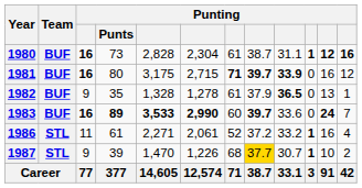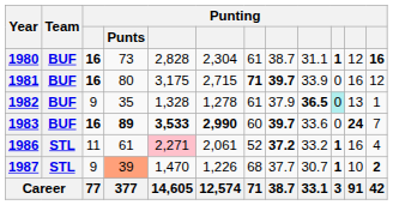 <table class=wikitable style="text-align:center;">
 <tr>
 <th rowspan="2">Year</th>
 <th rowspan="2">Team</th>
 <th colspan="10">Punting</th>
 </tr>
 <tr>
 <th></th>
 <th>Punts</th>
 <th></th>
 <th></th>
 <th></th>
 <th></th>
 <th></th>
 <th></th>
 <th></th>
 <th></th>
 </tr>
 <tr>
 <th><a href='#'>1980</a></th>
 <th><a href='#'>BUF</a></th>
 <td><strong>16</strong></td>
 <td>73</td>
 <td>2,828</td>
 <td>2,304</td>
 <td>61</td>
 <td>38.7</td>
 <td>31.1</td>
 <td><strong>1</strong></td>
-<td><strong>12</strong></td>
+<td>12</td>
 <td><strong>16</strong></td>
 </tr>
 <tr>
 <th><a href='#'>1981</a></th>
 <th><a href='#'>BUF</a></th>
 <td><strong>16</strong></td>
 <td>80</td>
 <td>3,175</td>
 <td>2,715</td>
 <td><strong>71</strong></td>
 <td><strong>39.7</strong></td>
-<td><strong>33.9</strong></td>
+<td>33.9</td>
 <td>0</td>
 <td>16</td>
 <td>12</td>
 </tr>
 <tr>
 <th><a href='#'>1982</a></th>
 <th><a href='#'>BUF</a></th>
 <td>9</td>
 <td>35</td>
 <td>1,328</td>
 <td>1,278</td>
 <td>61</td>
 <td>37.9</td>
 <td><strong>36.5</strong></td>
-<td>0</td>
+<td style="background: paleturquoise;">0</td>
 <td>13</td>
 <td>1</td>
 </tr>
 <tr>
 <th><a href='#'>1983</a></th>
 <th><a href='#'>BUF</a></th>
 <td><strong>16</strong></td>
 <td><strong>89</strong></td>
 <td><strong>3,533</strong></td>
 <td><strong>2,990</strong></td>
 <td>60</td>
 <td><strong>39.7</strong></td>
 <td>33.6</td>
 <td>0</td>
 <td><strong>24</strong></td>
 <td>7</td>
 </tr>
 <tr>
 <th><a href='#'>1986</a></th>
 <th><a href='#'>STL</a></th>
 <td>11</td>
 <td>61</td>
-<td>2,271</td>
+<td style="background: pink;">2,271</td>
 <td>2,061</td>
 <td>52</td>
-<td>37.2</td>
+<td><strong>37.2</strong></td>
 <td>33.2</td>
 <td><strong>1</strong></td>
 <td>16</td>
 <td>4</td>
 </tr>
 <tr>
 <th><a href='#'>1987</a></th>
 <th><a href='#'>STL</a></th>
 <td>9</td>
-<td>39</td>
+<td style="background: lightsalmon;">39</td>
 <td>1,470</td>
 <td>1,226</td>
 <td>68</td>
-<td style="background: gold;">37.7</td>
+<td>37.7</td>
 <td>30.7</td>
 <td><strong>1</strong></td>
 <td>10</td>
-<td>2</td>
+<td><strong>2</strong></td>
 </tr>
 <tr>
 <th colspan="2">Career</th>
 <th>77</th>
 <th>377</th>
 <th>14,605</th>
 <th>12,574</th>
 <th>71</th>
 <th>38.7</th>
 <th>33.1</th>
 <th>3</th>
 <th>91</th>
 <th>42</th>
 </tr>
 </table>
